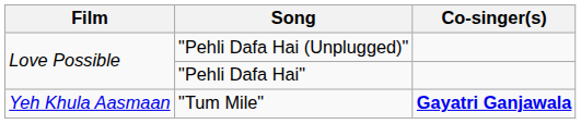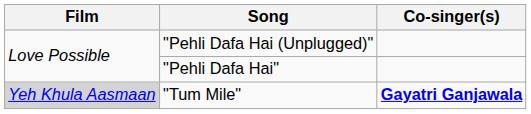 <table class="wikitable plainrowheaders" textcolor:#000;">
 <tr>
 <th scope="col"><strong>Film</strong></th>
 <th scope="col"><strong>Song</strong></th>
 <th scope="col"><strong>Co-singer(s)</strong></th>
 </tr>
 <tr>
 <td rowspan="2"><em>Love Possible</em></td>
 <td>"Pehli Dafa Hai (Unplugged)"</td>
 <td></td>
 </tr>
 <tr>
 <td>"Pehli Dafa Hai"</td>
 <td></td>
 </tr>
 <tr>
-<td><em><a href='#'>Yeh Khula Aasmaan</a></em></td>
+<td style="background: lightgrey;"><em><a href='#'>Yeh Khula Aasmaan</a></em></td>
 <td>"Tum Mile"</td>
 <td><strong><a href='#'>Gayatri Ganjawala</a></strong></td>
 </tr>
 </table>
